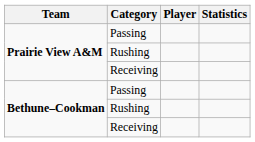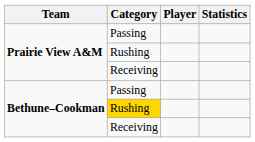 <table class="wikitable" style="float: left;">
 <tr>
 <th>Team</th>
 <th>Category</th>
 <th>Player</th>
 <th>Statistics</th>
 </tr>
 <tr>
 <td rowspan=3><strong>Prairie View A&M</strong></td>
 <td>Passing</td>
 <td> </td>
 <td> </td>
 </tr>
 <tr>
 <td>Rushing</td>
 <td> </td>
 <td> </td>
 </tr>
 <tr>
 <td>Receiving</td>
 <td> </td>
 <td> </td>
 </tr>
 <tr>
 <td rowspan=3><strong>Bethune–Cookman</strong></td>
 <td>Passing</td>
 <td> </td>
 <td> </td>
 </tr>
 <tr>
-<td>Rushing</td>
+<td style="background: gold;">Rushing</td>
 <td> </td>
 <td> </td>
 </tr>
 <tr>
 <td>Receiving</td>
 <td> </td>
 <td> </td>
 </tr>
 </table>
